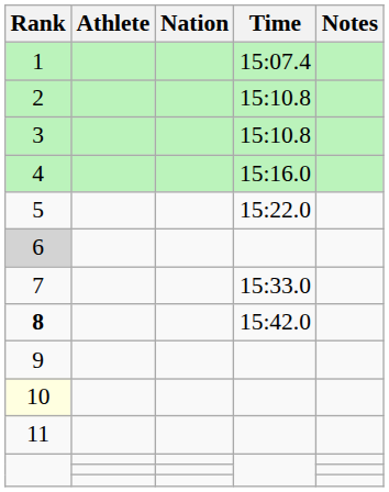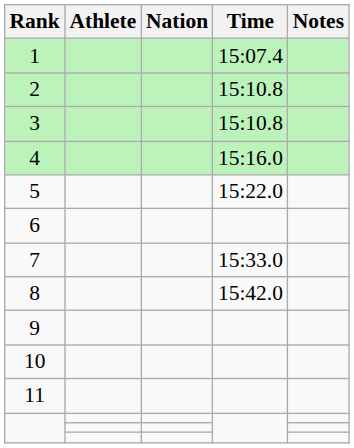 <table class="wikitable sortable" style="text-align:center">
 <tr>
 <th>Rank</th>
 <th>Athlete</th>
 <th>Nation</th>
 <th>Time</th>
 <th>Notes</th>
 </tr>
 <tr bgcolor=bbf3bb>
 <td>1</td>
 <td align=left></td>
 <td align=left></td>
 <td>15:07.4</td>
 <td></td>
 </tr>
 <tr bgcolor=bbf3bb>
 <td>2</td>
 <td align=left></td>
 <td align=left></td>
 <td>15:10.8</td>
 <td></td>
 </tr>
 <tr bgcolor=bbf3bb>
 <td>3</td>
 <td align=left></td>
 <td align=left></td>
 <td>15:10.8</td>
 <td></td>
 </tr>
 <tr bgcolor=bbf3bb>
 <td>4</td>
 <td align=left></td>
 <td align=left></td>
 <td>15:16.0</td>
 <td></td>
 </tr>
 <tr>
 <td>5</td>
 <td align=left></td>
 <td align=left></td>
 <td>15:22.0</td>
 <td></td>
 </tr>
 <tr>
-<td style="background: lightgrey;">6</td>
+<td>6</td>
 <td align=left></td>
 <td align=left></td>
 <td></td>
 <td></td>
 </tr>
 <tr>
 <td>7</td>
 <td align=left></td>
 <td align=left></td>
 <td>15:33.0</td>
 <td></td>
 </tr>
 <tr>
-<td><strong>8</strong></td>
+<td>8</td>
 <td align=left></td>
 <td align=left></td>
 <td>15:42.0</td>
 <td></td>
 </tr>
 <tr>
 <td>9</td>
 <td align=left></td>
 <td align=left></td>
 <td></td>
 <td></td>
 </tr>
 <tr>
-<td style="background: lightyellow;">10</td>
+<td>10</td>
 <td align=left></td>
 <td align=left></td>
 <td></td>
 <td></td>
 </tr>
 <tr>
 <td>11</td>
 <td align=left></td>
 <td align=left></td>
 <td></td>
 <td></td>
 </tr>
 <tr>
 <td rowspan=3></td>
 <td align=left></td>
 <td align=left></td>
 <td rowspan=3></td>
 <td></td>
 </tr>
 <tr>
 <td align=left></td>
 <td align=left></td>
 <td></td>
 </tr>
 <tr>
 <td align=left></td>
 <td align=left></td>
 <td></td>
 </tr>
 </table>
